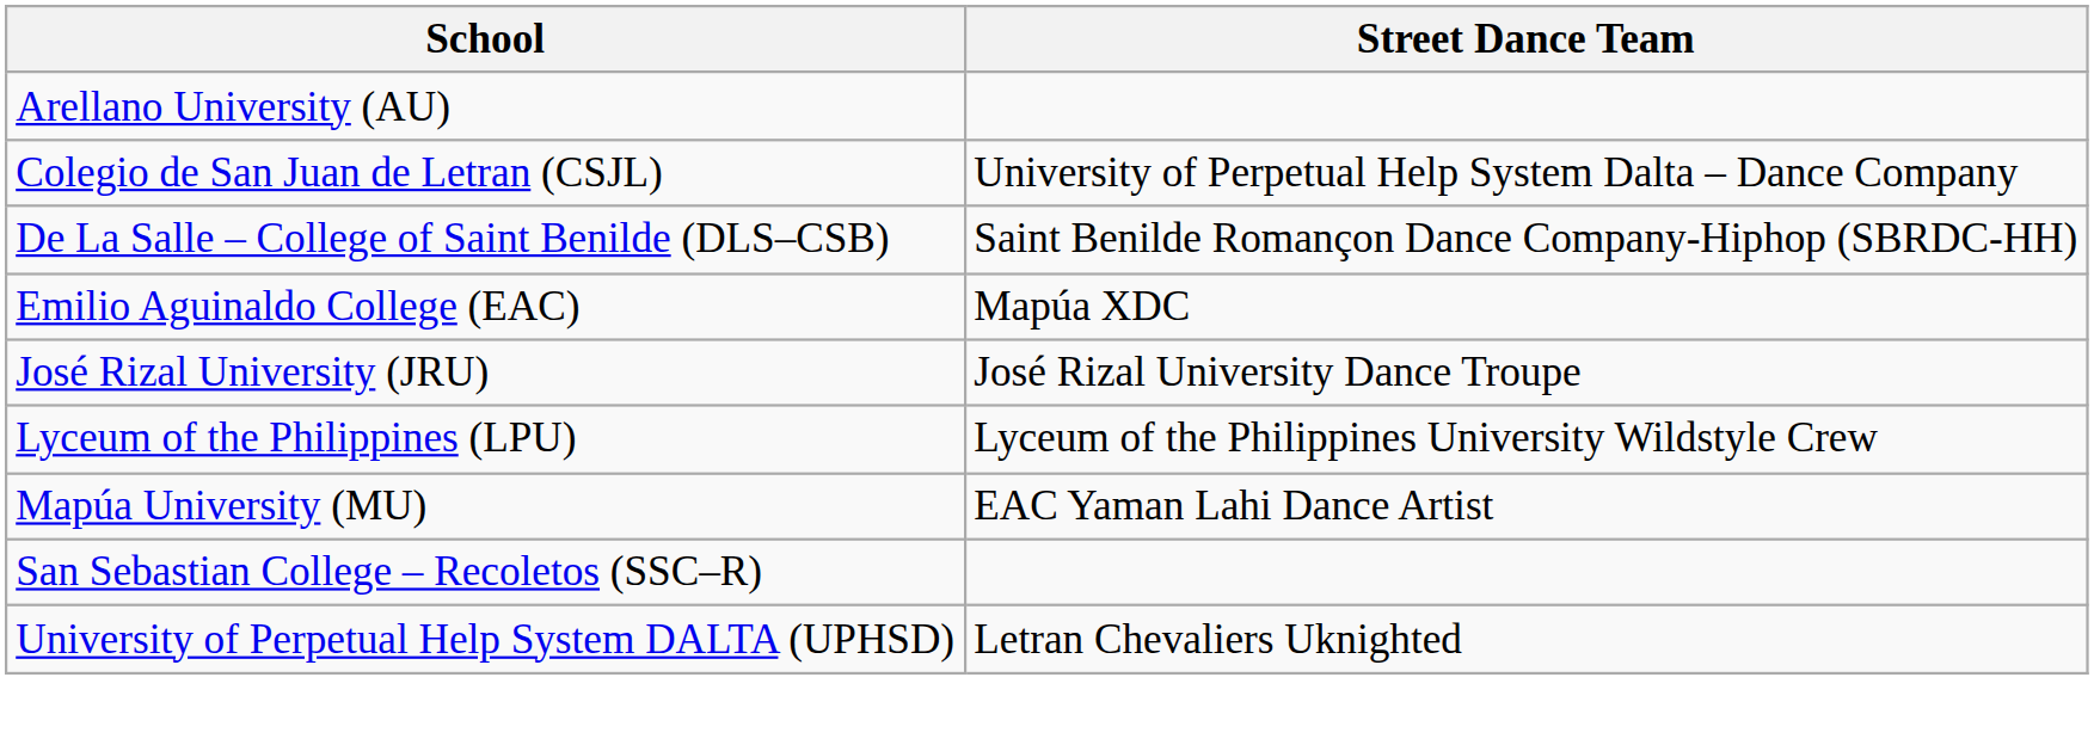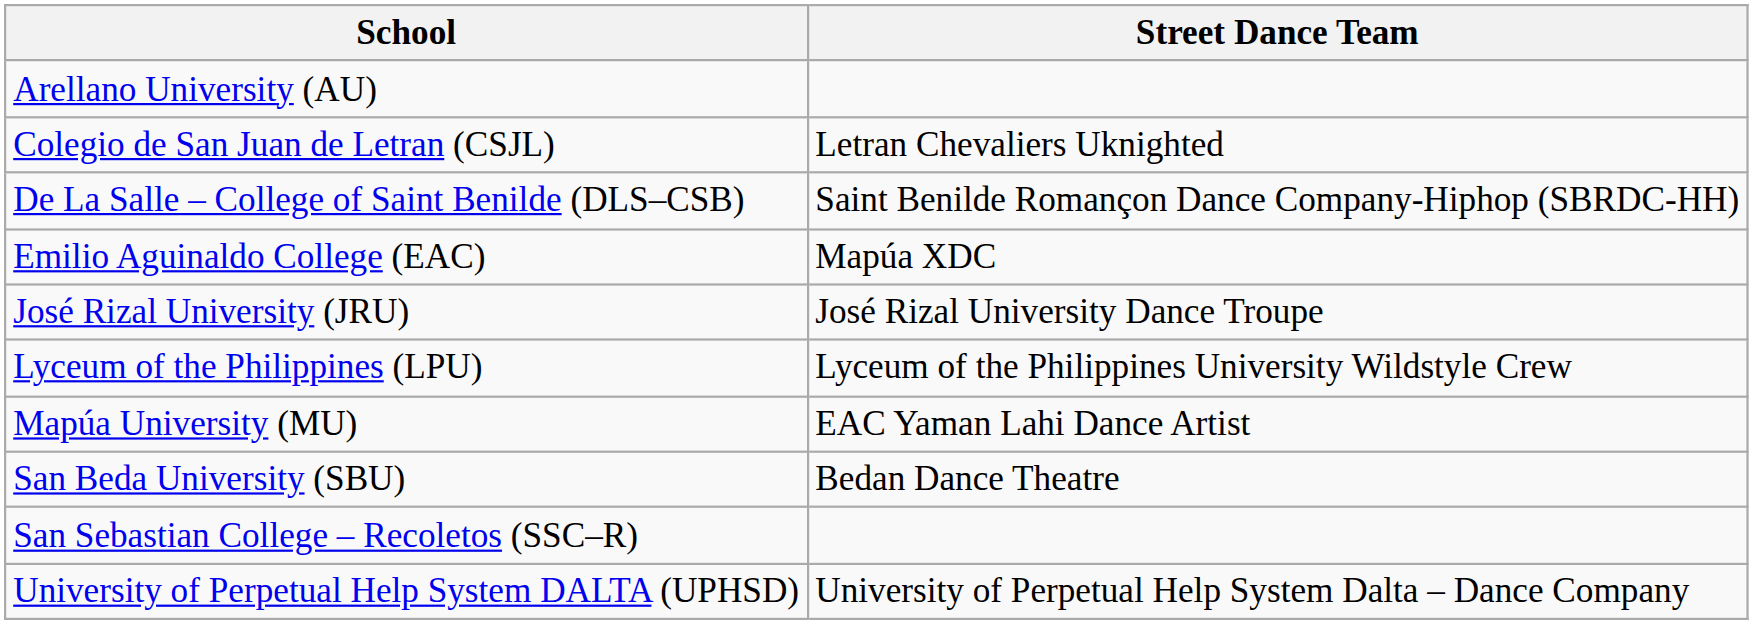 <table class="wikitable" style="text align: center">
 <tr bgcolor="#efefef">
 <th>School</th>
 <th>Street Dance Team</th>
 </tr>
 <tr>
 <td> <a href='#'>Arellano University</a> (AU)</td>
 <td></td>
 </tr>
 <tr>
 <td> <a href='#'>Colegio de San Juan de Letran</a> (CSJL)</td>
-<td>University of Perpetual Help System Dalta – Dance Company</td>
+<td>Letran Chevaliers Uknighted</td>
 </tr>
 <tr>
 <td> <a href='#'>De La Salle – College of Saint Benilde</a> (DLS–CSB)</td>
 <td>Saint Benilde Romançon Dance Company-Hiphop (SBRDC-HH)</td>
 </tr>
 <tr>
 <td> <a href='#'>Emilio Aguinaldo College</a> (EAC)</td>
 <td>Mapúa XDC</td>
 </tr>
 <tr>
 <td> <a href='#'>José Rizal University</a> (JRU)</td>
 <td>José Rizal University Dance Troupe</td>
 </tr>
 <tr>
 <td> <a href='#'>Lyceum of the Philippines</a> (LPU)</td>
 <td>Lyceum of the Philippines University Wildstyle Crew</td>
 </tr>
 <tr>
 <td> <a href='#'>Mapúa University</a> (MU)</td>
 <td>EAC Yaman Lahi Dance Artist</td>
 </tr>
 <tr>
+<td> <a href='#'>San Beda University</a> (SBU)</td>
+<td>Bedan Dance Theatre</td>
+</tr>
+<tr>
 <td> <a href='#'>San Sebastian College – Recoletos</a> (SSC–R)</td>
 <td></td>
 </tr>
 <tr>
 <td> <a href='#'>University of Perpetual Help System DALTA</a> (UPHSD)</td>
-<td>Letran Chevaliers Uknighted</td>
+<td>University of Perpetual Help System Dalta – Dance Company</td>
 </tr>
 </table>
